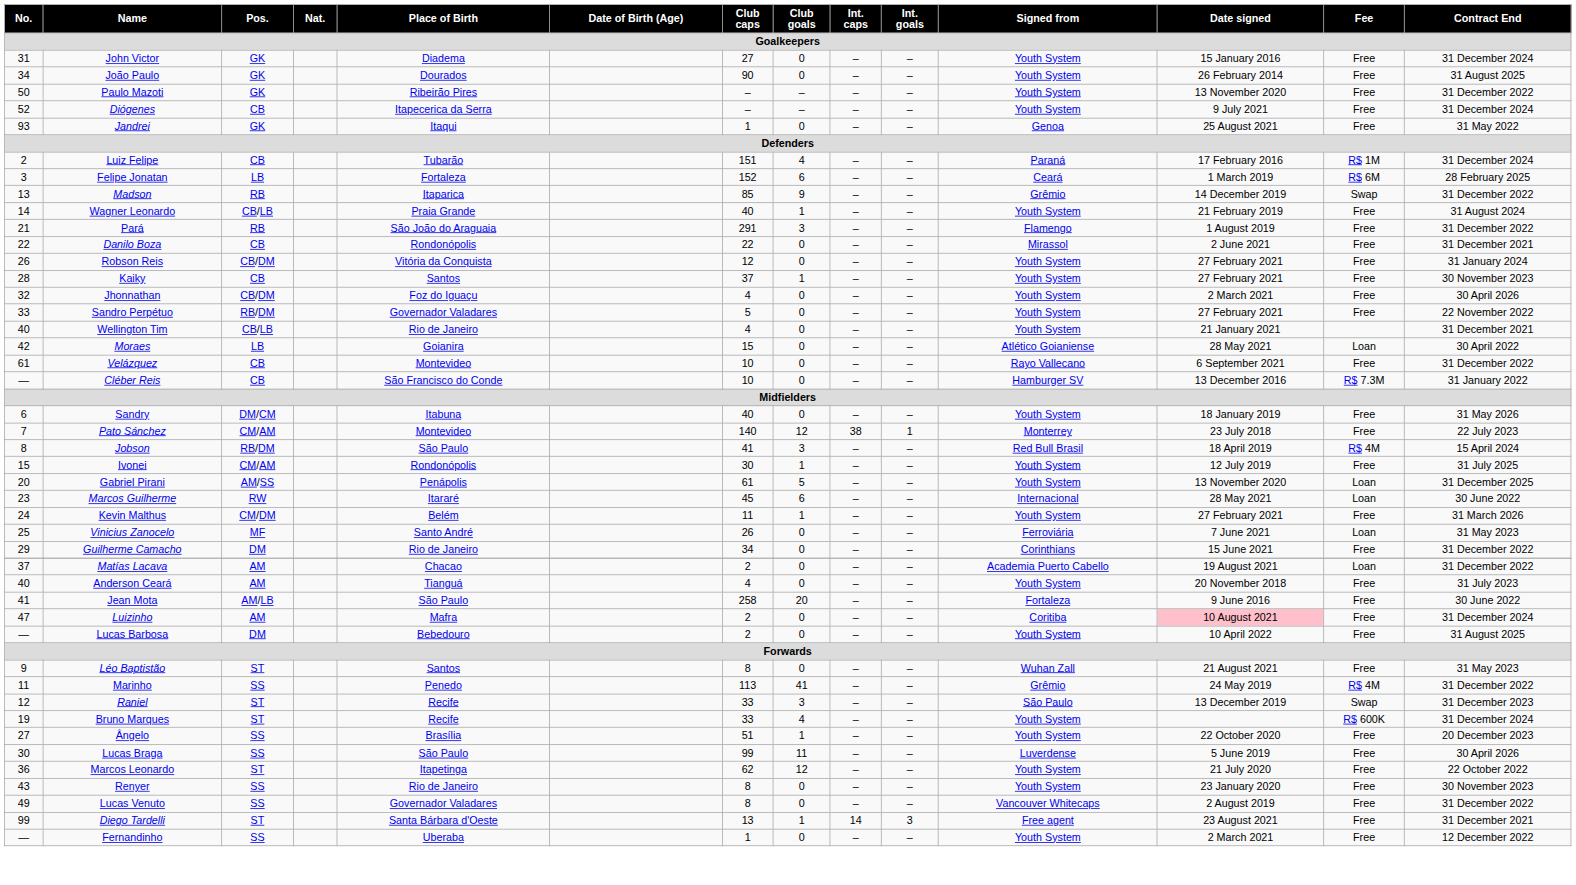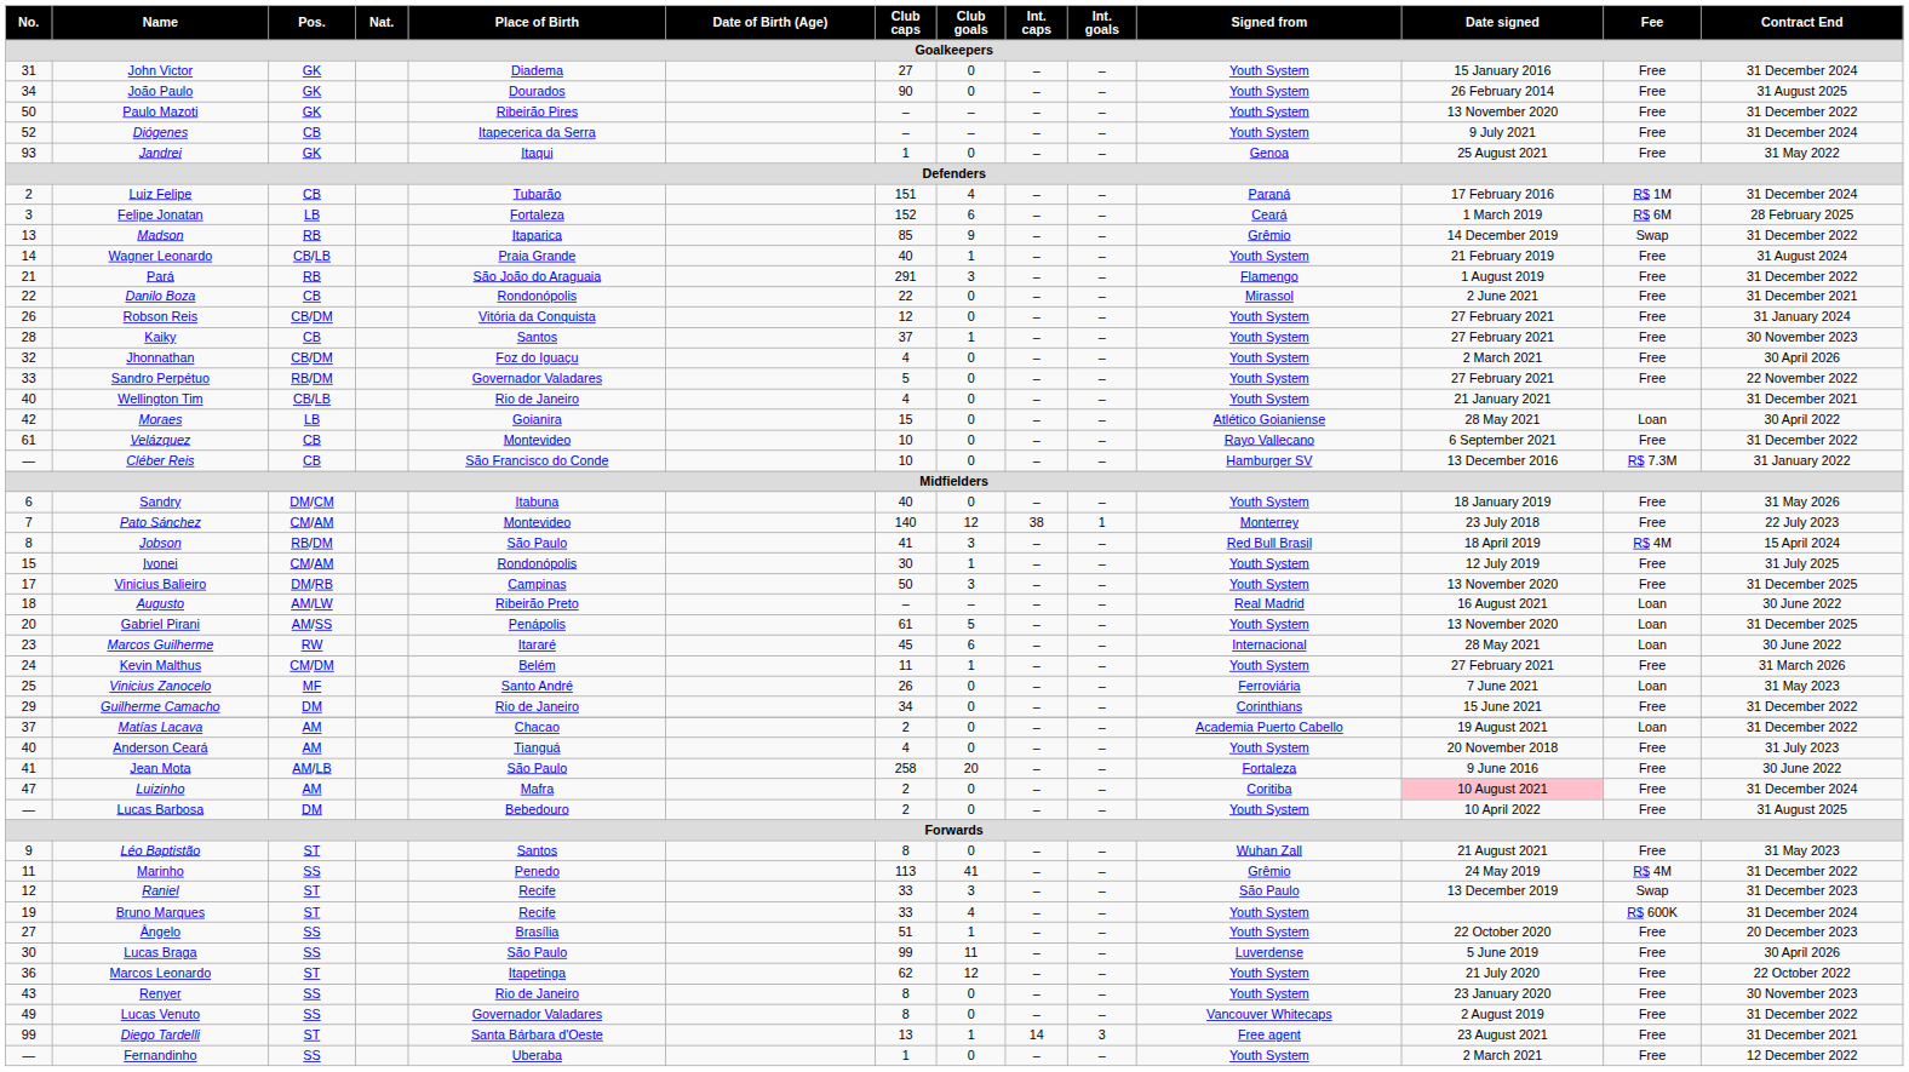 <table class="wikitable sortable" sortable style="text-align:center; font-size:85%; width:100%">
 <tr>
 <th style="background:#000000; color:#FFFFFF; text-align:center;">No.</th>
 <th style="background:#000000; color:#FFFFFF; text-align:center;">Name</th>
 <th style="background:#000000; color:#FFFFFF; text-align:center;">Pos.</th>
 <th style="background:#000000; color:#FFFFFF; text-align:center;">Nat.</th>
 <th style="background:#000000; color:#FFFFFF; text-align:center;">Place of Birth</th>
 <th style="background:#000000; color:#FFFFFF; text-align:center;">Date of Birth (Age)</th>
 <th style="background:#000000; color:#FFFFFF; text-align:center;">Club<br>caps</th>
 <th style="background:#000000; color:#FFFFFF; text-align:center;">Club<br>goals</th>
 <th style="background:#000000; color:#FFFFFF; text-align:center;">Int.<br>caps</th>
 <th style="background:#000000; color:#FFFFFF; text-align:center;">Int.<br>goals</th>
 <th style="background:#000000; color:#FFFFFF; text-align:center;">Signed from</th>
 <th style="background:#000000; color:#FFFFFF; text-align:center;">Date signed</th>
 <th style="background:#000000; color:#FFFFFF; text-align:center;">Fee</th>
 <th style="background:#000000; color:#FFFFFF; text-align:center;">Contract End</th>
 </tr>
 <tr>
 <th colspan="14" style="background:#dcdcdc; text-align:center;">Goalkeepers</th>
 </tr>
 <tr>
 <td>31</td>
 <td><a href='#'>John Victor</a></td>
 <td><a href='#'>GK</a></td>
 <td></td>
 <td><a href='#'>Diadema</a> </td>
 <td></td>
 <td>27</td>
 <td>0</td>
 <td>–</td>
 <td>–</td>
 <td><a href='#'>Youth System</a></td>
 <td>15 January 2016</td>
 <td>Free</td>
 <td>31 December 2024</td>
 </tr>
 <tr>
 <td>34</td>
 <td><a href='#'>João Paulo</a></td>
 <td><a href='#'>GK</a></td>
 <td></td>
 <td><a href='#'>Dourados</a> </td>
 <td></td>
 <td>90</td>
 <td>0</td>
 <td>–</td>
 <td>–</td>
 <td><a href='#'>Youth System</a></td>
 <td>26 February 2014</td>
 <td>Free</td>
 <td>31 August 2025</td>
 </tr>
 <tr>
 <td>50</td>
 <td><a href='#'>Paulo Mazoti</a></td>
 <td><a href='#'>GK</a></td>
 <td></td>
 <td><a href='#'>Ribeirão Pires</a> </td>
 <td></td>
 <td>–</td>
 <td>–</td>
 <td>–</td>
 <td>–</td>
 <td><a href='#'>Youth System</a></td>
 <td>13 November 2020</td>
 <td>Free</td>
 <td>31 December 2022</td>
 </tr>
 <tr>
 <td>52</td>
 <td><em><a href='#'>Diógenes</a></em></td>
 <td><a href='#'>CB</a></td>
 <td></td>
 <td><a href='#'>Itapecerica da Serra</a> </td>
 <td></td>
 <td>–</td>
 <td>–</td>
 <td>–</td>
 <td>–</td>
 <td><a href='#'>Youth System</a></td>
 <td>9 July 2021</td>
 <td>Free</td>
 <td>31 December 2024</td>
 </tr>
 <tr>
 <td>93</td>
 <td><em><a href='#'>Jandrei</a></em></td>
 <td><a href='#'>GK</a></td>
 <td></td>
 <td><a href='#'>Itaqui</a> </td>
 <td></td>
 <td>1</td>
 <td>0</td>
 <td>–</td>
 <td>–</td>
 <td><a href='#'>Genoa</a> </td>
 <td>25 August 2021</td>
 <td>Free</td>
 <td>31 May 2022</td>
 </tr>
 <tr>
 <th colspan="14" style="background:#dcdcdc; text-align:center;">Defenders</th>
 </tr>
 <tr>
 <td>2</td>
 <td><a href='#'>Luiz Felipe</a></td>
 <td><a href='#'>CB</a></td>
 <td></td>
 <td><a href='#'>Tubarão</a> </td>
 <td></td>
 <td>151</td>
 <td>4</td>
 <td>–</td>
 <td>–</td>
 <td><a href='#'>Paraná</a></td>
 <td>17 February 2016</td>
 <td><a href='#'>R$</a> 1M</td>
 <td>31 December 2024</td>
 </tr>
 <tr>
 <td>3</td>
 <td><a href='#'>Felipe Jonatan</a></td>
 <td><a href='#'>LB</a></td>
 <td></td>
 <td><a href='#'>Fortaleza</a> </td>
 <td></td>
 <td>152</td>
 <td>6</td>
 <td>–</td>
 <td>–</td>
 <td><a href='#'>Ceará</a></td>
 <td>1 March 2019</td>
 <td><a href='#'>R$</a> 6M</td>
 <td>28 February 2025</td>
 </tr>
 <tr>
 <td>13</td>
 <td><em><a href='#'>Madson</a></em></td>
 <td><a href='#'>RB</a></td>
 <td></td>
 <td><a href='#'>Itaparica</a> </td>
 <td></td>
 <td>85</td>
 <td>9</td>
 <td>–</td>
 <td>–</td>
 <td><a href='#'>Grêmio</a></td>
 <td>14 December 2019</td>
 <td>Swap</td>
 <td>31 December 2022</td>
 </tr>
 <tr>
 <td>14</td>
 <td><a href='#'>Wagner Leonardo</a></td>
 <td><a href='#'>CB</a>/<a href='#'>LB</a></td>
 <td></td>
 <td><a href='#'>Praia Grande</a> </td>
 <td></td>
 <td>40</td>
 <td>1</td>
 <td>–</td>
 <td>–</td>
 <td><a href='#'>Youth System</a></td>
 <td>21 February 2019</td>
 <td>Free</td>
 <td>31 August 2024</td>
 </tr>
 <tr>
 <td>21</td>
 <td><a href='#'>Pará</a></td>
 <td><a href='#'>RB</a></td>
 <td></td>
 <td><a href='#'>São João do Araguaia</a> </td>
 <td></td>
 <td>291</td>
 <td>3</td>
 <td>–</td>
 <td>–</td>
 <td><a href='#'>Flamengo</a></td>
 <td>1 August 2019</td>
 <td>Free</td>
 <td>31 December 2022</td>
 </tr>
 <tr>
 <td>22</td>
 <td><em><a href='#'>Danilo Boza</a></em></td>
 <td><a href='#'>CB</a></td>
 <td></td>
 <td><a href='#'>Rondonópolis</a> </td>
 <td></td>
 <td>22</td>
 <td>0</td>
 <td>–</td>
 <td>–</td>
 <td><a href='#'>Mirassol</a></td>
 <td>2 June 2021</td>
 <td>Free</td>
 <td>31 December 2021</td>
 </tr>
 <tr>
 <td>26</td>
 <td><a href='#'>Robson Reis</a></td>
 <td><a href='#'>CB</a>/<a href='#'>DM</a></td>
 <td></td>
 <td><a href='#'>Vitória da Conquista</a> </td>
 <td></td>
 <td>12</td>
 <td>0</td>
 <td>–</td>
 <td>–</td>
 <td><a href='#'>Youth System</a></td>
 <td>27 February 2021</td>
 <td>Free</td>
 <td>31 January 2024</td>
 </tr>
 <tr>
 <td>28</td>
 <td><a href='#'>Kaiky</a></td>
 <td><a href='#'>CB</a></td>
 <td></td>
 <td><a href='#'>Santos</a> </td>
 <td></td>
 <td>37</td>
 <td>1</td>
 <td>–</td>
 <td>–</td>
 <td><a href='#'>Youth System</a></td>
 <td>27 February 2021</td>
 <td>Free</td>
 <td>30 November 2023</td>
 </tr>
 <tr>
 <td>32</td>
 <td><a href='#'>Jhonnathan</a></td>
 <td><a href='#'>CB</a>/<a href='#'>DM</a></td>
 <td></td>
 <td><a href='#'>Foz do Iguaçu</a> </td>
 <td></td>
 <td>4</td>
 <td>0</td>
 <td>–</td>
 <td>–</td>
 <td><a href='#'>Youth System</a></td>
 <td>2 March 2021</td>
 <td>Free</td>
 <td>30 April 2026</td>
 </tr>
 <tr>
 <td>33</td>
 <td><a href='#'>Sandro Perpétuo</a></td>
 <td><a href='#'>RB</a>/<a href='#'>DM</a></td>
 <td></td>
 <td><a href='#'>Governador Valadares</a> </td>
 <td></td>
 <td>5</td>
 <td>0</td>
 <td>–</td>
 <td>–</td>
 <td><a href='#'>Youth System</a></td>
 <td>27 February 2021</td>
 <td>Free</td>
 <td>22 November 2022</td>
 </tr>
 <tr>
 <td>40</td>
 <td><a href='#'>Wellington Tim</a></td>
 <td><a href='#'>CB</a>/<a href='#'>LB</a></td>
 <td></td>
 <td><a href='#'>Rio de Janeiro</a> </td>
 <td></td>
 <td>4</td>
 <td>0</td>
 <td>–</td>
 <td>–</td>
 <td><a href='#'>Youth System</a></td>
 <td>21 January 2021</td>
 <td></td>
 <td>31 December 2021</td>
 </tr>
 <tr>
 <td>42</td>
 <td><em><a href='#'>Moraes</a></em></td>
 <td><a href='#'>LB</a></td>
 <td></td>
 <td><a href='#'>Goianira</a> </td>
 <td></td>
 <td>15</td>
 <td>0</td>
 <td>–</td>
 <td>–</td>
 <td><a href='#'>Atlético Goianiense</a></td>
 <td>28 May 2021</td>
 <td>Loan</td>
 <td>30 April 2022<br></td>
 </tr>
 <tr>
 <td>61</td>
 <td><em><a href='#'>Velázquez</a></em></td>
 <td><a href='#'>CB</a></td>
 <td></td>
 <td><a href='#'>Montevideo</a></td>
 <td></td>
 <td>10</td>
 <td>0</td>
 <td>–</td>
 <td>–</td>
 <td><a href='#'>Rayo Vallecano</a> </td>
 <td>6 September 2021</td>
 <td>Free</td>
 <td>31 December 2022</td>
 </tr>
 <tr>
 <td>—</td>
 <td><em><a href='#'>Cléber Reis</a></em></td>
 <td><a href='#'>CB</a></td>
 <td></td>
 <td><a href='#'>São Francisco do Conde</a> </td>
 <td></td>
 <td>10</td>
 <td>0</td>
 <td>–</td>
 <td>–</td>
 <td><a href='#'>Hamburger SV</a> </td>
 <td>13 December 2016</td>
 <td><a href='#'>R$</a> 7.3M</td>
 <td>31 January 2022<br>  </td>
 </tr>
 <tr>
 <th colspan="14" style="background:#dcdcdc; text-align:center;">Midfielders</th>
 </tr>
 <tr>
 <td>6</td>
 <td><a href='#'>Sandry</a></td>
 <td><a href='#'>DM</a>/<a href='#'>CM</a></td>
 <td></td>
 <td><a href='#'>Itabuna</a> </td>
 <td></td>
 <td>40</td>
 <td>0</td>
 <td>–</td>
 <td>–</td>
 <td><a href='#'>Youth System</a></td>
 <td>18 January 2019</td>
 <td>Free</td>
 <td>31 May 2026</td>
 </tr>
 <tr>
 <td>7</td>
 <td><em><a href='#'>Pato Sánchez</a></em></td>
 <td><a href='#'>CM</a>/<a href='#'>AM</a></td>
 <td></td>
 <td><a href='#'>Montevideo</a></td>
 <td></td>
 <td>140</td>
 <td>12</td>
 <td>38</td>
 <td>1</td>
 <td><a href='#'>Monterrey</a> </td>
 <td>23 July 2018</td>
 <td>Free</td>
 <td>22 July 2023</td>
 </tr>
 <tr>
 <td>8</td>
 <td><em><a href='#'>Jobson</a></em></td>
 <td><a href='#'>RB</a>/<a href='#'>DM</a></td>
 <td></td>
 <td><a href='#'>São Paulo</a> </td>
 <td></td>
 <td>41</td>
 <td>3</td>
 <td>–</td>
 <td>–</td>
 <td><a href='#'>Red Bull Brasil</a></td>
 <td>18 April 2019</td>
 <td><a href='#'>R$</a> 4M</td>
 <td>15 April 2024</td>
 </tr>
 <tr>
 <td>15</td>
 <td><a href='#'>Ivonei</a></td>
 <td><a href='#'>CM</a>/<a href='#'>AM</a></td>
 <td></td>
 <td><a href='#'>Rondonópolis</a> </td>
 <td></td>
 <td>30</td>
 <td>1</td>
 <td>–</td>
 <td>–</td>
 <td><a href='#'>Youth System</a></td>
 <td>12 July 2019</td>
 <td>Free</td>
 <td>31 July 2025</td>
 </tr>
 <tr>
+<td>17</td>
+<td><a href='#'>Vinicius Balieiro</a></td>
+<td><a href='#'>DM</a>/<a href='#'>RB</a></td>
+<td></td>
+<td><a href='#'>Campinas</a> </td>
+<td></td>
+<td>50</td>
+<td>3</td>
+<td>–</td>
+<td>–</td>
+<td><a href='#'>Youth System</a></td>
+<td>13 November 2020</td>
+<td>Free</td>
+<td>31 December 2025</td>
+</tr>
+<tr>
+<td>18</td>
+<td><em><a href='#'>Augusto</a></em></td>
+<td><a href='#'>AM</a>/<a href='#'>LW</a></td>
+<td></td>
+<td><a href='#'>Ribeirão Preto</a> </td>
+<td></td>
+<td>–</td>
+<td>–</td>
+<td>–</td>
+<td>–</td>
+<td><a href='#'>Real Madrid</a> </td>
+<td>16 August 2021</td>
+<td>Loan</td>
+<td>30 June 2022<br></td>
+</tr>
+<tr>
 <td>20</td>
 <td><a href='#'>Gabriel Pirani</a></td>
 <td><a href='#'>AM</a>/<a href='#'>SS</a></td>
 <td></td>
 <td><a href='#'>Penápolis</a> </td>
 <td></td>
 <td>61</td>
 <td>5</td>
 <td>–</td>
 <td>–</td>
 <td><a href='#'>Youth System</a></td>
 <td>13 November 2020</td>
 <td>Loan</td>
 <td>31 December 2025</td>
 </tr>
 <tr>
 <td>23</td>
 <td><em><a href='#'>Marcos Guilherme</a></em></td>
 <td><a href='#'>RW</a></td>
 <td></td>
 <td><a href='#'>Itararé</a> </td>
 <td></td>
 <td>45</td>
 <td>6</td>
 <td>–</td>
 <td>–</td>
 <td><a href='#'>Internacional</a></td>
 <td>28 May 2021</td>
 <td>Loan</td>
 <td>30 June 2022</td>
 </tr>
 <tr>
 <td>24</td>
 <td><a href='#'>Kevin Malthus</a></td>
 <td><a href='#'>CM</a>/<a href='#'>DM</a></td>
 <td></td>
 <td><a href='#'>Belém</a> </td>
 <td></td>
 <td>11</td>
 <td>1</td>
 <td>–</td>
 <td>–</td>
 <td><a href='#'>Youth System</a></td>
 <td>27 February 2021</td>
 <td>Free</td>
 <td>31 March 2026</td>
 </tr>
 <tr>
 <td>25</td>
 <td><em><a href='#'>Vinicius Zanocelo</a></em></td>
 <td><a href='#'>MF</a></td>
 <td></td>
 <td><a href='#'>Santo André</a> </td>
 <td></td>
 <td>26</td>
 <td>0</td>
 <td>–</td>
 <td>–</td>
 <td><a href='#'>Ferroviária</a></td>
 <td>7 June 2021</td>
 <td>Loan</td>
 <td>31 May 2023</td>
 </tr>
 <tr>
 <td>29</td>
 <td><em><a href='#'>Guilherme Camacho</a></em></td>
 <td><a href='#'>DM</a></td>
 <td></td>
 <td><a href='#'>Rio de Janeiro</a> </td>
 <td></td>
 <td>34</td>
 <td>0</td>
 <td>–</td>
 <td>–</td>
 <td><a href='#'>Corinthians</a></td>
 <td>15 June 2021</td>
 <td>Free</td>
 <td>31 December 2022</td>
 </tr>
 <tr>
 </tr>
 <tr>
 <td>37</td>
 <td><em><a href='#'>Matías Lacava</a></em></td>
 <td><a href='#'>AM</a></td>
 <td></td>
 <td><a href='#'>Chacao</a></td>
 <td></td>
 <td>2</td>
 <td>0</td>
 <td>–</td>
 <td>–</td>
 <td><a href='#'>Academia Puerto Cabello</a> </td>
 <td>19 August 2021</td>
 <td>Loan</td>
 <td>31 December 2022</td>
 </tr>
 <tr>
 <td>40</td>
 <td><a href='#'>Anderson Ceará</a></td>
 <td><a href='#'>AM</a></td>
 <td></td>
 <td><a href='#'>Tianguá</a> </td>
 <td></td>
 <td>4</td>
 <td>0</td>
 <td>–</td>
 <td>–</td>
 <td><a href='#'>Youth System</a></td>
 <td>20 November 2018</td>
 <td>Free</td>
 <td>31 July 2023</td>
 </tr>
 <tr>
 <td>41</td>
 <td><a href='#'>Jean Mota</a></td>
 <td><a href='#'>AM</a>/<a href='#'>LB</a></td>
 <td></td>
 <td><a href='#'>São Paulo</a> </td>
 <td></td>
 <td>258</td>
 <td>20</td>
 <td>–</td>
 <td>–</td>
 <td><a href='#'>Fortaleza</a></td>
 <td>9 June 2016</td>
 <td>Free</td>
 <td>30 June 2022</td>
 </tr>
 <tr>
 <td>47</td>
 <td><em><a href='#'>Luizinho</a></em></td>
 <td><a href='#'>AM</a></td>
 <td></td>
 <td><a href='#'>Mafra</a> </td>
 <td></td>
 <td>2</td>
 <td>0</td>
 <td>–</td>
 <td>–</td>
 <td><a href='#'>Coritiba</a></td>
 <td style="background: pink;">10 August 2021</td>
 <td>Free</td>
 <td>31 December 2024</td>
 </tr>
 <tr>
 <td>—</td>
 <td><a href='#'>Lucas Barbosa</a></td>
 <td><a href='#'>DM</a></td>
 <td></td>
 <td><a href='#'>Bebedouro</a> </td>
 <td></td>
 <td>2</td>
 <td>0</td>
 <td>–</td>
 <td>–</td>
 <td><a href='#'>Youth System</a></td>
 <td>10 April 2022</td>
 <td>Free</td>
 <td>31 August 2025</td>
 </tr>
 <tr>
 <th colspan="14" style="background:#dcdcdc; text-align=center;">Forwards</th>
 </tr>
 <tr>
 <td>9</td>
 <td><em><a href='#'>Léo Baptistão</a></em></td>
 <td><a href='#'>ST</a></td>
 <td></td>
 <td><a href='#'>Santos</a> </td>
 <td></td>
 <td>8</td>
 <td>0</td>
 <td>–</td>
 <td>–</td>
 <td><a href='#'>Wuhan Zall</a> </td>
 <td>21 August 2021</td>
 <td>Free</td>
 <td>31 May 2023</td>
 </tr>
 <tr>
 <td>11</td>
 <td><a href='#'>Marinho</a></td>
 <td><a href='#'>SS</a></td>
 <td></td>
 <td><a href='#'>Penedo</a> </td>
 <td></td>
 <td>113</td>
 <td>41</td>
 <td>–</td>
 <td>–</td>
 <td><a href='#'>Grêmio</a></td>
 <td>24 May 2019</td>
 <td><a href='#'>R$</a> 4M</td>
 <td>31 December 2022</td>
 </tr>
 <tr>
 <td>12</td>
 <td><em><a href='#'>Raniel</a></em></td>
 <td><a href='#'>ST</a></td>
 <td></td>
 <td><a href='#'>Recife</a> </td>
 <td></td>
 <td>33</td>
 <td>3</td>
 <td>–</td>
 <td>–</td>
 <td><a href='#'>São Paulo</a></td>
 <td>13 December 2019</td>
 <td>Swap</td>
 <td>31 December 2023</td>
 </tr>
 <tr>
 <td>19</td>
 <td><a href='#'>Bruno Marques</a></td>
 <td><a href='#'>ST</a></td>
 <td></td>
 <td><a href='#'>Recife</a> </td>
 <td></td>
 <td>33</td>
 <td>4</td>
 <td>–</td>
 <td>–</td>
 <td><a href='#'>Youth System</a></td>
 <td></td>
 <td><a href='#'>R$</a> 600K</td>
 <td>31 December 2024</td>
 </tr>
 <tr>
 <td>27</td>
 <td><a href='#'>Ângelo</a></td>
 <td><a href='#'>SS</a></td>
 <td></td>
 <td><a href='#'>Brasília</a> </td>
 <td></td>
 <td>51</td>
 <td>1</td>
 <td>–</td>
 <td>–</td>
 <td><a href='#'>Youth System</a></td>
 <td>22 October 2020</td>
 <td>Free</td>
 <td>20 December 2023<br></td>
 </tr>
 <tr>
 <td>30</td>
 <td><a href='#'>Lucas Braga</a></td>
 <td><a href='#'>SS</a></td>
 <td></td>
 <td><a href='#'>São Paulo</a> </td>
 <td></td>
 <td>99</td>
 <td>11</td>
 <td>–</td>
 <td>–</td>
 <td><a href='#'>Luverdense</a></td>
 <td>5 June 2019</td>
 <td>Free</td>
 <td>30 April 2026</td>
 </tr>
 <tr>
 <td>36</td>
 <td><a href='#'>Marcos Leonardo</a></td>
 <td><a href='#'>ST</a></td>
 <td></td>
 <td><a href='#'>Itapetinga</a> </td>
 <td></td>
 <td>62</td>
 <td>12</td>
 <td>–</td>
 <td>–</td>
 <td><a href='#'>Youth System</a></td>
 <td>21 July 2020</td>
 <td>Free</td>
 <td>22 October 2022<br></td>
 </tr>
 <tr>
 <td>43</td>
 <td><a href='#'>Renyer</a></td>
 <td><a href='#'>SS</a></td>
 <td></td>
 <td><a href='#'>Rio de Janeiro</a> </td>
 <td></td>
 <td>8</td>
 <td>0</td>
 <td>–</td>
 <td>–</td>
 <td><a href='#'>Youth System</a></td>
 <td>23 January 2020</td>
 <td>Free</td>
 <td>30 November 2023<br></td>
 </tr>
 <tr>
 <td>49</td>
 <td><a href='#'>Lucas Venuto</a></td>
 <td><a href='#'>SS</a></td>
 <td></td>
 <td><a href='#'>Governador Valadares</a> </td>
 <td></td>
 <td>8</td>
 <td>0</td>
 <td>–</td>
 <td>–</td>
 <td><a href='#'>Vancouver Whitecaps</a> </td>
 <td>2 August 2019</td>
 <td>Free</td>
 <td>31 December 2022</td>
 </tr>
 <tr>
 <td>99</td>
 <td><em><a href='#'>Diego Tardelli</a></em></td>
 <td><a href='#'>ST</a></td>
 <td></td>
 <td><a href='#'>Santa Bárbara d'Oeste</a> </td>
 <td></td>
 <td>13</td>
 <td>1</td>
 <td>14</td>
 <td>3</td>
 <td><a href='#'>Free agent</a></td>
 <td>23 August 2021</td>
 <td>Free</td>
 <td>31 December 2021</td>
 </tr>
 <tr>
 <td>—</td>
 <td><a href='#'>Fernandinho</a></td>
 <td><a href='#'>SS</a></td>
 <td></td>
 <td><a href='#'>Uberaba</a> </td>
 <td></td>
 <td>1</td>
 <td>0</td>
 <td>–</td>
 <td>–</td>
 <td><a href='#'>Youth System</a></td>
 <td>2 March 2021</td>
 <td>Free</td>
 <td>12 December 2022<br></td>
 </tr>
 </table>
